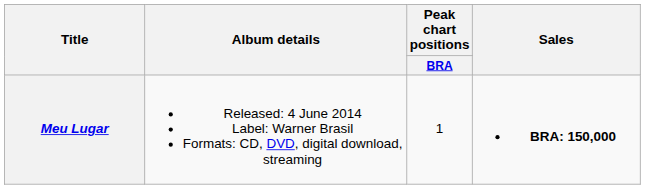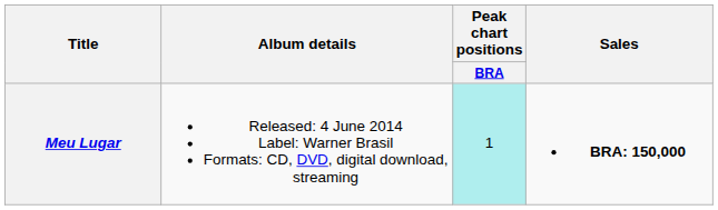 <table class="wikitable plainrowheaders" style="text-align:center;">
 <tr>
 <th scope="col" rowspan="2" style="width:10em;">Title</th>
 <th scope="col" rowspan="2" style="width:19em;">Album details</th>
 <th scope="col" colspan="1">Peak chart positions</th>
 <th scope="col" rowspan="2" style="width:12em;">Sales</th>
 </tr>
 <tr>
 <th scope="col" style="width:3em;font-size:90%;"><a href='#'>BRA</a><br></th>
 </tr>
 <tr>
 <th scope="row"><em><a href='#'>Meu Lugar</a></em></th>
 <td><br><ul><li>Released: 4 June 2014</li><li>Label: Warner Brasil</li><li>Formats: CD, <a href='#'>DVD</a>, digital download, streaming</li></ul></td>
-<td>1</td>
+<td style="background: paleturquoise;">1</td>
 <td><strong><br><ul><li>BRA: 150,000</li></ul></strong></td>
 </tr>
 </table>
